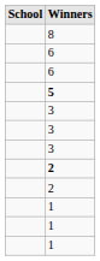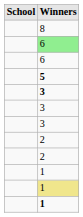 <table class="wikitable">
 <tr>
 <th style="background:#e5e5e5;">School</th>
 <th style="background:#e5e5e5;">Winners</th>
 </tr>
 <tr>
 <td><strong><a href='#'></a></strong></td>
 <td>8</td>
 </tr>
 <tr>
 <td><strong><a href='#'></a></strong></td>
-<td>6</td>
+<td style="background: lightgreen;">6</td>
 </tr>
 <tr>
 <td><strong><a href='#'></a></strong></td>
 <td>6</td>
 </tr>
 <tr>
 <td><strong><a href='#'></a></strong></td>
 <td><strong>5</strong></td>
 </tr>
 <tr>
 <td><strong><a href='#'></a></strong></td>
-<td>3</td>
+<td><strong>3</strong></td>
 </tr>
 <tr>
 <td><strong><a href='#'></a></strong></td>
 <td>3</td>
 </tr>
 <tr>
 <td><strong><a href='#'></a></strong></td>
 <td>3</td>
 </tr>
 <tr>
 <td><strong><a href='#'></a></strong></td>
-<td><strong>2</strong></td>
+<td>2</td>
 </tr>
 <tr>
 <td><strong><a href='#'></a></strong></td>
 <td>2</td>
 </tr>
 <tr>
 <td><strong><a href='#'></a></strong></td>
 <td>1</td>
 </tr>
 <tr>
 <td><strong><a href='#'></a></strong></td>
-<td>1</td>
+<td style="background: khaki;">1</td>
 </tr>
 <tr>
 <td><strong><a href='#'></a></strong></td>
-<td>1</td>
+<td><strong>1</strong></td>
 </tr>
 </table>
